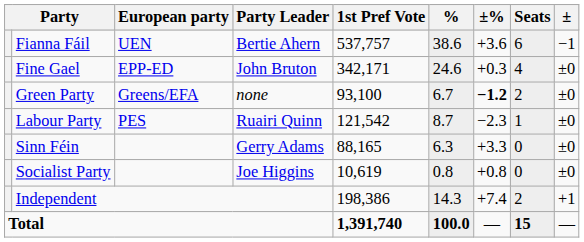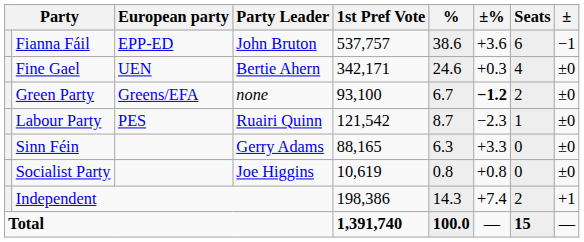 <table class="wikitable">
 <tr style="background-color:#C9C9C9">
 <th colspan=2>Party</th>
 <th>European party</th>
 <th>Party Leader</th>
 <th>1st Pref Vote</th>
 <th>%</th>
 <th>±%</th>
 <th>Seats</th>
 <th>±</th>
 </tr>
 <tr>
 <th style="background-color: "></th>
 <td><a href='#'>Fianna Fáil</a></td>
-<td><a href='#'>UEN</a></td>
-<td><a href='#'>Bertie Ahern</a></td>
+<td><a href='#'>EPP-ED</a></td>
+<td><a href='#'>John Bruton</a></td>
 <td>537,757</td>
 <td style="background-color:#EEEEEE">38.6</td>
 <td>+3.6</td>
 <td style="background-color:#EEEEEE">6</td>
 <td>−1</td>
 </tr>
 <tr>
 <th style="background-color: "></th>
 <td><a href='#'>Fine Gael</a></td>
-<td><a href='#'>EPP-ED</a></td>
-<td><a href='#'>John Bruton</a></td>
+<td><a href='#'>UEN</a></td>
+<td><a href='#'>Bertie Ahern</a></td>
 <td>342,171</td>
 <td style="background-color:#EEEEEE">24.6</td>
 <td>+0.3</td>
 <td style="background-color:#EEEEEE">4</td>
 <td>±0</td>
 </tr>
 <tr>
 <th style="background-color: "></th>
 <td><a href='#'>Green Party</a></td>
 <td><a href='#'>Greens/EFA</a></td>
 <td><em>none</em></td>
 <td>93,100</td>
 <td style="background-color:#EEEEEE">6.7</td>
 <td><strong>−1.2</strong></td>
 <td style="background-color:#EEEEEE">2</td>
 <td>±0</td>
 </tr>
 <tr>
 <th style="background-color: "></th>
 <td><a href='#'>Labour Party</a></td>
 <td><a href='#'>PES</a></td>
 <td><a href='#'>Ruairi Quinn</a></td>
 <td>121,542</td>
 <td style="background-color:#EEEEEE">8.7</td>
 <td>−2.3</td>
 <td style="background-color:#EEEEEE">1</td>
 <td>±0</td>
 </tr>
 <tr>
 <th style="background-color: "></th>
 <td><a href='#'>Sinn Féin</a></td>
 <td></td>
 <td><a href='#'>Gerry Adams</a></td>
 <td>88,165</td>
 <td style="background-color:#EEEEEE">6.3</td>
 <td>+3.3</td>
 <td style="background-color:#EEEEEE">0</td>
 <td>±0</td>
 </tr>
 <tr>
 <th style="background-color: "></th>
 <td><a href='#'>Socialist Party</a></td>
 <td></td>
 <td><a href='#'>Joe Higgins</a></td>
 <td>10,619</td>
 <td style="background-color:#EEEEEE">0.8</td>
 <td>+0.8</td>
 <td style="background-color:#EEEEEE">0</td>
 <td>±0</td>
 </tr>
 <tr>
 <th style="background-color: "></th>
 <td colspan=3><a href='#'>Independent</a></td>
 <td>198,386</td>
 <td style="background-color:#EEEEEE">14.3</td>
 <td>+7.4</td>
 <td style="background-color:#EEEEEE">2</td>
 <td>+1</td>
 </tr>
 <tr>
 <td colspan=4><strong>Total</strong></td>
 <td><strong>1,391,740</strong></td>
 <td style="background-color:#EEEEEE"><strong>100.0</strong></td>
 <td align=center>—</td>
 <td style="background-color:#EEEEEE"><strong>15</strong></td>
 <td align=center>—</td>
 </tr>
 </table>
